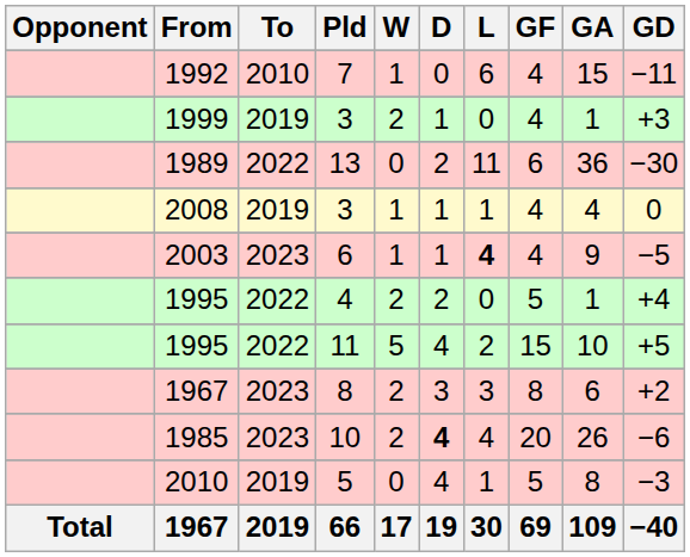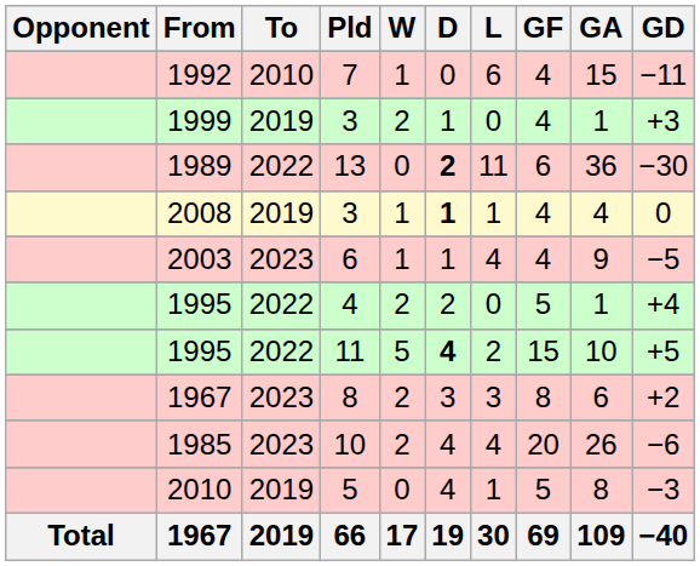 <table class="sortable wikitable collapsible collapsed" style="text-align:center;">
 <tr>
 <th>Opponent</th>
 <th>From</th>
 <th>To</th>
 <th>Pld</th>
 <th>W</th>
 <th>D</th>
 <th>L</th>
 <th>GF</th>
 <th>GA</th>
 <th>GD</th>
 </tr>
 <tr>
 </tr>
 <tr bgcolor=FFCCCC>
 <td align="left"></td>
 <td>1992</td>
 <td>2010</td>
 <td>7</td>
 <td>1</td>
 <td>0</td>
 <td>6</td>
 <td>4</td>
 <td>15</td>
 <td>−11</td>
 </tr>
 <tr>
 </tr>
 <tr bgcolor=CCFFCC>
 <td align="left"></td>
 <td>1999</td>
 <td>2019</td>
 <td>3</td>
 <td>2</td>
 <td>1</td>
 <td>0</td>
 <td>4</td>
 <td>1</td>
 <td>+3</td>
 </tr>
 <tr>
 </tr>
 <tr bgcolor=FFCCCC>
 <td align="left"></td>
 <td>1989</td>
 <td>2022</td>
 <td>13</td>
 <td>0</td>
-<td>2</td>
+<td><strong>2</strong></td>
 <td>11</td>
 <td>6</td>
 <td>36</td>
 <td>−30</td>
 </tr>
 <tr>
 </tr>
 <tr bgcolor=FFFACD>
 <td align="left"></td>
 <td>2008</td>
 <td>2019</td>
 <td>3</td>
 <td>1</td>
-<td>1</td>
+<td><strong>1</strong></td>
 <td>1</td>
 <td>4</td>
 <td>4</td>
 <td>0</td>
 </tr>
 <tr>
 </tr>
 <tr bgcolor=FFCCCC>
 <td align="left"></td>
 <td>2003</td>
 <td>2023</td>
 <td>6</td>
 <td>1</td>
 <td>1</td>
-<td><strong>4</strong></td>
+<td>4</td>
 <td>4</td>
 <td>9</td>
 <td>−5</td>
 </tr>
 <tr>
 </tr>
 <tr bgcolor=CCFFCC>
 <td align="left"></td>
 <td>1995</td>
 <td>2022</td>
 <td>4</td>
 <td>2</td>
 <td>2</td>
 <td>0</td>
 <td>5</td>
 <td>1</td>
 <td>+4</td>
 </tr>
 <tr>
 </tr>
 <tr bgcolor=CCFFCC>
 <td align="left"></td>
 <td>1995</td>
 <td>2022</td>
 <td>11</td>
 <td>5</td>
-<td>4</td>
+<td><strong>4</strong></td>
 <td>2</td>
 <td>15</td>
 <td>10</td>
 <td>+5</td>
 </tr>
 <tr>
 </tr>
 <tr bgcolor=FFCCCC>
 <td align="left"></td>
 <td>1967</td>
 <td>2023</td>
 <td>8</td>
 <td>2</td>
 <td>3</td>
 <td>3</td>
 <td>8</td>
 <td>6</td>
 <td>+2</td>
 </tr>
 <tr>
 </tr>
 <tr bgcolor=FFCCCC>
 <td align="left"></td>
 <td>1985</td>
 <td>2023</td>
 <td>10</td>
 <td>2</td>
-<td><strong>4</strong></td>
+<td>4</td>
 <td>4</td>
 <td>20</td>
 <td>26</td>
 <td>−6</td>
 </tr>
 <tr>
 </tr>
 <tr bgcolor=FFCCCC>
 <td align="left"></td>
 <td>2010</td>
 <td>2019</td>
 <td>5</td>
 <td>0</td>
 <td>4</td>
 <td>1</td>
 <td>5</td>
 <td>8</td>
 <td>−3</td>
 </tr>
 <tr>
 <th><strong>Total</strong></th>
 <th>1967</th>
 <th>2019</th>
 <th>66</th>
 <th>17</th>
 <th>19</th>
 <th>30</th>
 <th>69</th>
 <th>109</th>
 <th>−40</th>
 </tr>
 </table>
